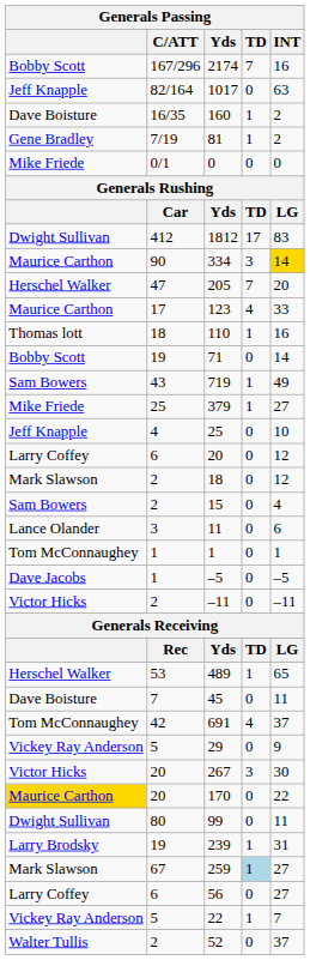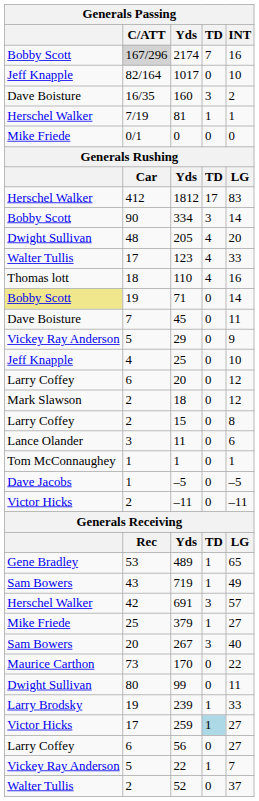 <table class="wikitable">
 <tr>
 <th colspan="5">Generals Passing</th>
 </tr>
 <tr>
 <th></th>
 <th>C/ATT</th>
 <th>Yds</th>
 <th>TD</th>
 <th>INT</th>
 </tr>
 <tr>
 <td><a href='#'>Bobby Scott</a></td>
-<td>167/296</td>
+<td style="background: lightgrey;">167/296</td>
 <td>2174</td>
 <td>7</td>
 <td>16</td>
 </tr>
 <tr>
 <td><a href='#'>Jeff Knapple</a></td>
 <td>82/164</td>
 <td>1017</td>
 <td>0</td>
-<td>63</td>
+<td>10</td>
 </tr>
 <tr>
 <td>Dave Boisture</td>
 <td>16/35</td>
 <td>160</td>
-<td>1</td>
+<td>3</td>
 <td>2</td>
 </tr>
 <tr>
-<td><a href='#'>Gene Bradley</a></td>
+<td><a href='#'>Herschel Walker</a></td>
 <td>7/19</td>
 <td>81</td>
 <td>1</td>
-<td>2</td>
+<td>1</td>
 </tr>
 <tr>
 <td><a href='#'>Mike Friede</a></td>
 <td>0/1</td>
 <td>0</td>
 <td>0</td>
 <td>0</td>
 </tr>
 <tr>
 <th colspan="5">Generals Rushing</th>
 </tr>
 <tr>
 <th></th>
 <th>Car</th>
 <th>Yds</th>
 <th>TD</th>
 <th>LG</th>
 </tr>
 <tr>
-<td><a href='#'>Dwight Sullivan</a></td>
+<td><a href='#'>Herschel Walker</a></td>
 <td>412</td>
 <td>1812</td>
 <td>17</td>
 <td>83</td>
 </tr>
 <tr>
-<td><a href='#'>Maurice Carthon</a></td>
+<td><a href='#'>Bobby Scott</a></td>
 <td>90</td>
 <td>334</td>
 <td>3</td>
-<td style="background: gold;">14</td>
+<td>14</td>
 </tr>
 <tr>
-<td><a href='#'>Herschel Walker</a></td>
-<td>47</td>
+<td><a href='#'>Dwight Sullivan</a></td>
+<td>48</td>
 <td>205</td>
-<td>7</td>
+<td>4</td>
 <td>20</td>
 </tr>
 <tr>
-<td><a href='#'>Maurice Carthon</a></td>
+<td><a href='#'>Walter Tullis</a></td>
 <td>17</td>
 <td>123</td>
 <td>4</td>
 <td>33</td>
 </tr>
 <tr>
 <td>Thomas lott</td>
 <td>18</td>
 <td>110</td>
-<td>1</td>
+<td>4</td>
 <td>16</td>
 </tr>
 <tr>
-<td><a href='#'>Bobby Scott</a></td>
+<td style="background: khaki;"><a href='#'>Bobby Scott</a></td>
 <td>19</td>
 <td>71</td>
 <td>0</td>
 <td>14</td>
 </tr>
 <tr>
-<td><a href='#'>Sam Bowers</a></td>
-<td>43</td>
-<td>719</td>
-<td>1</td>
-<td>49</td>
+<td>Dave Boisture</td>
+<td>7</td>
+<td>45</td>
+<td>0</td>
+<td>11</td>
 </tr>
 <tr>
-<td><a href='#'>Mike Friede</a></td>
-<td>25</td>
-<td>379</td>
-<td>1</td>
-<td>27</td>
+<td><a href='#'>Vickey Ray Anderson</a></td>
+<td>5</td>
+<td>29</td>
+<td>0</td>
+<td>9</td>
 </tr>
 <tr>
 <td><a href='#'>Jeff Knapple</a></td>
 <td>4</td>
 <td>25</td>
 <td>0</td>
 <td>10</td>
 </tr>
 <tr>
 <td>Larry Coffey</td>
 <td>6</td>
 <td>20</td>
 <td>0</td>
 <td>12</td>
 </tr>
 <tr>
 <td>Mark Slawson</td>
 <td>2</td>
 <td>18</td>
 <td>0</td>
 <td>12</td>
 </tr>
 <tr>
-<td><a href='#'>Sam Bowers</a></td>
+<td>Larry Coffey</td>
 <td>2</td>
 <td>15</td>
 <td>0</td>
-<td>4</td>
+<td>8</td>
 </tr>
 <tr>
 <td>Lance Olander</td>
 <td>3</td>
 <td>11</td>
 <td>0</td>
 <td>6</td>
 </tr>
 <tr>
 <td>Tom McConnaughey</td>
 <td>1</td>
 <td>1</td>
 <td>0</td>
 <td>1</td>
 </tr>
 <tr>
 <td><a href='#'>Dave Jacobs</a></td>
 <td>1</td>
 <td>–5</td>
 <td>0</td>
 <td>–5</td>
 </tr>
 <tr>
 <td><a href='#'>Victor Hicks</a></td>
 <td>2</td>
 <td>–11</td>
 <td>0</td>
 <td>–11</td>
 </tr>
 <tr>
 <th colspan="5">Generals Receiving</th>
 </tr>
 <tr>
 <th></th>
 <th>Rec</th>
 <th>Yds</th>
 <th>TD</th>
 <th>LG</th>
 </tr>
 <tr>
-<td><a href='#'>Herschel Walker</a></td>
+<td><a href='#'>Gene Bradley</a></td>
 <td>53</td>
 <td>489</td>
 <td>1</td>
 <td>65</td>
 </tr>
 <tr>
-<td>Dave Boisture</td>
-<td>7</td>
-<td>45</td>
-<td>0</td>
-<td>11</td>
+<td><a href='#'>Sam Bowers</a></td>
+<td>43</td>
+<td>719</td>
+<td>1</td>
+<td>49</td>
 </tr>
 <tr>
-<td>Tom McConnaughey</td>
+<td><a href='#'>Herschel Walker</a></td>
 <td>42</td>
 <td>691</td>
-<td>4</td>
-<td>37</td>
+<td>3</td>
+<td>57</td>
 </tr>
 <tr>
-<td><a href='#'>Vickey Ray Anderson</a></td>
-<td>5</td>
-<td>29</td>
-<td>0</td>
-<td>9</td>
+<td><a href='#'>Mike Friede</a></td>
+<td>25</td>
+<td>379</td>
+<td>1</td>
+<td>27</td>
 </tr>
 <tr>
-<td><a href='#'>Victor Hicks</a></td>
+<td><a href='#'>Sam Bowers</a></td>
 <td>20</td>
 <td>267</td>
 <td>3</td>
-<td>30</td>
+<td>40</td>
 </tr>
 <tr>
-<td style="background: gold;"><a href='#'>Maurice Carthon</a></td>
-<td>20</td>
+<td><a href='#'>Maurice Carthon</a></td>
+<td>73</td>
 <td>170</td>
 <td>0</td>
 <td>22</td>
 </tr>
 <tr>
 <td><a href='#'>Dwight Sullivan</a></td>
 <td>80</td>
 <td>99</td>
 <td>0</td>
 <td>11</td>
 </tr>
 <tr>
 <td><a href='#'>Larry Brodsky</a></td>
 <td>19</td>
 <td>239</td>
 <td>1</td>
-<td>31</td>
+<td>33</td>
 </tr>
 <tr>
-<td>Mark Slawson</td>
-<td>67</td>
+<td><a href='#'>Victor Hicks</a></td>
+<td>17</td>
 <td>259</td>
 <td style="background: lightblue;">1</td>
 <td>27</td>
 </tr>
 <tr>
 <td>Larry Coffey</td>
 <td>6</td>
 <td>56</td>
 <td>0</td>
 <td>27</td>
 </tr>
 <tr>
 <td><a href='#'>Vickey Ray Anderson</a></td>
 <td>5</td>
 <td>22</td>
 <td>1</td>
 <td>7</td>
 </tr>
 <tr>
 <td><a href='#'>Walter Tullis</a></td>
 <td>2</td>
 <td>52</td>
 <td>0</td>
 <td>37</td>
 </tr>
 </table>
